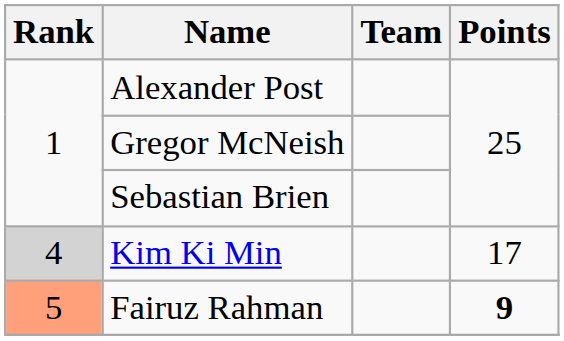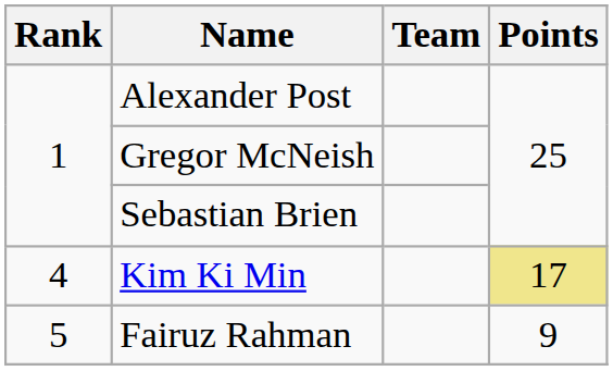 <table class="wikitable" style="text-align:center">
 <tr>
 <th>Rank</th>
 <th>Name</th>
 <th>Team</th>
 <th>Points</th>
 </tr>
 <tr>
 <td rowspan="3">1</td>
 <td align="left">Alexander Post</td>
 <td align="left"></td>
 <td rowspan="3">25</td>
 </tr>
 <tr>
 <td align="left">Gregor McNeish</td>
 <td align="left"></td>
 </tr>
 <tr>
 <td align="left">Sebastian Brien</td>
 <td align="left"></td>
 </tr>
 <tr>
-<td style="background: lightgrey;">4</td>
+<td>4</td>
 <td align="left"><a href='#'>Kim Ki Min</a></td>
 <td align="left"></td>
-<td>17</td>
+<td style="background: khaki;">17</td>
 </tr>
 <tr>
-<td style="background: lightsalmon;">5</td>
+<td>5</td>
 <td align="left">Fairuz Rahman</td>
 <td align="left"></td>
-<td><strong>9</strong></td>
+<td>9</td>
 </tr>
 <tr>
 </tr>
 </table>
